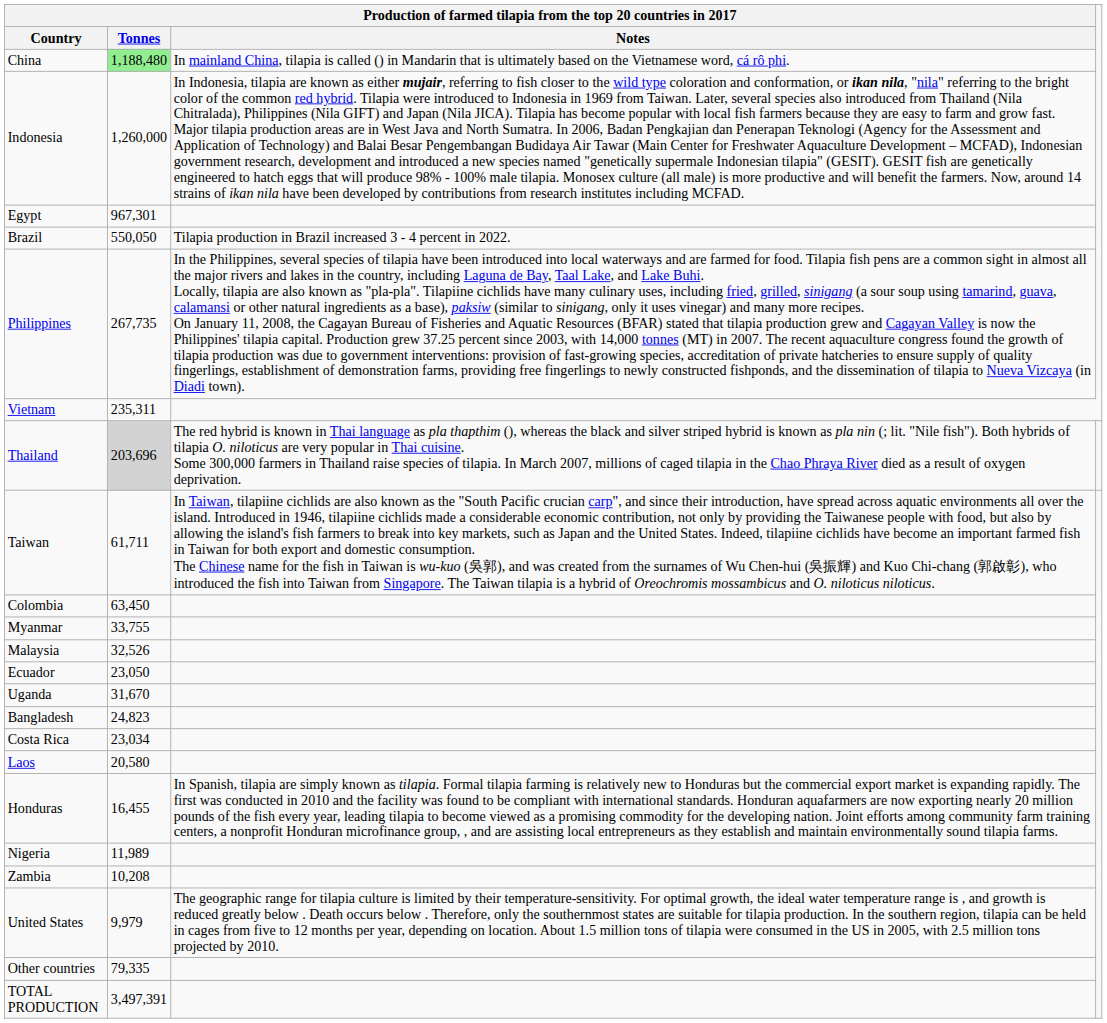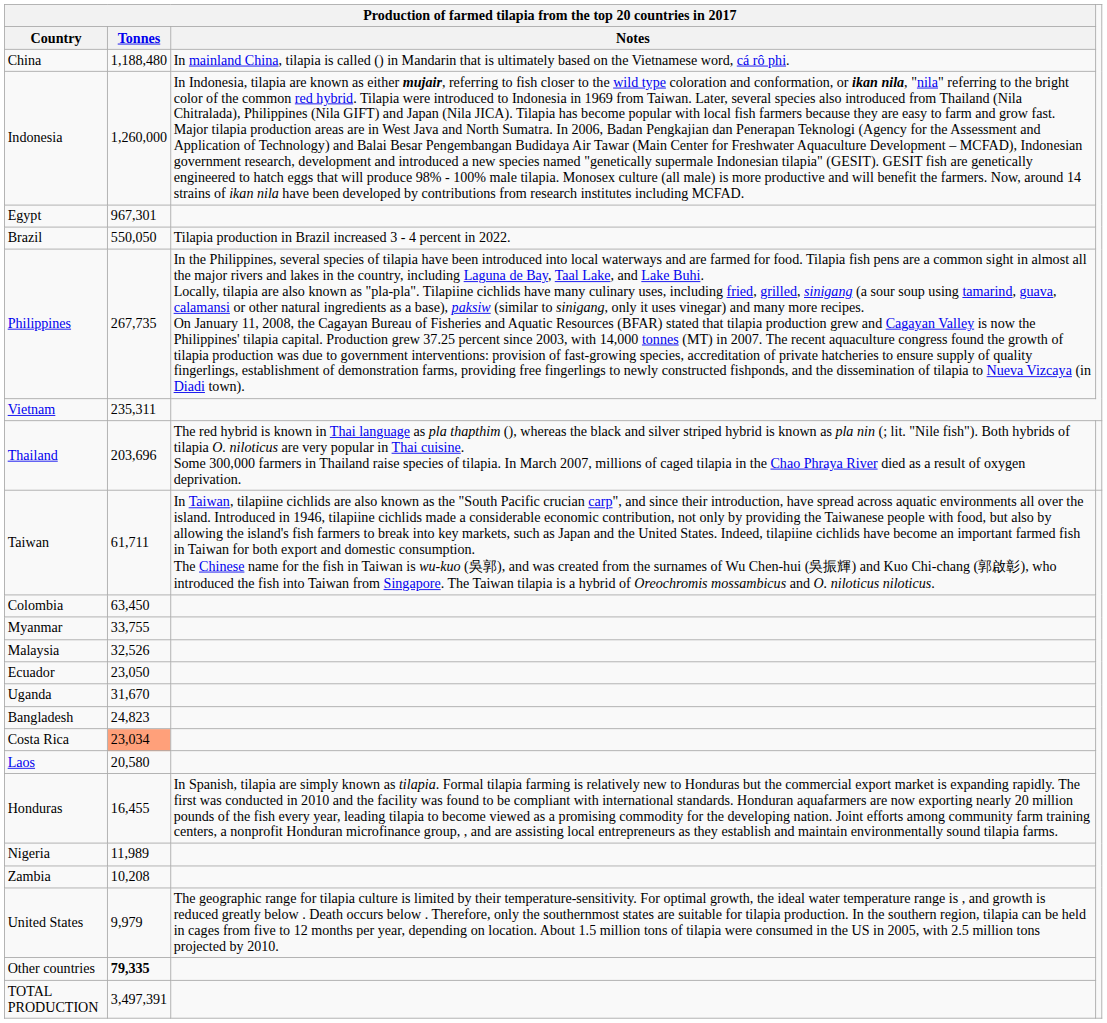 <table class="wikitable sortable">
 <tr>
 <th colspan=3>Production of farmed tilapia from the top 20 countries in 2017</th>
 </tr>
 <tr>
 <th>Country</th>
 <th><a href='#'>Tonnes</a></th>
 <th>Notes</th>
 </tr>
 <tr>
 <td>China</td>
-<td style="background: lightgreen;">1,188,480</td>
+<td>1,188,480</td>
 <td>In <a href='#'>mainland China</a>, tilapia is called () in Mandarin that is ultimately based on the Vietnamese word, <a href='#'>cá rô phi</a>.</td>
 </tr>
 <tr>
 <td>Indonesia</td>
 <td>1,260,000</td>
 <td>In Indonesia, tilapia are known as either <strong><em>mujair</em></strong>, referring to fish closer to the <a href='#'>wild type</a> coloration and conformation, or <strong><em>ikan nila</em></strong>, "<a href='#'>nila</a>" referring to the bright color of the common <a href='#'>red hybrid</a>. Tilapia were introduced to Indonesia in 1969 from Taiwan. Later, several species also introduced from Thailand (Nila Chitralada), Philippines (Nila GIFT) and Japan (Nila JICA). Tilapia has become popular with local fish farmers because they are easy to farm and grow fast. Major tilapia production areas are in West Java and North Sumatra. In 2006, Badan Pengkajian dan Penerapan Teknologi (Agency for the Assessment and Application of Technology) and Balai Besar Pengembangan Budidaya Air Tawar (Main Center for Freshwater Aquaculture Development – MCFAD), Indonesian government research, development and introduced a new species named "genetically supermale Indonesian tilapia" (GESIT). GESIT fish are genetically engineered to hatch eggs that will produce 98% - 100% male tilapia. Monosex culture (all male) is more productive and will benefit the farmers. Now, around 14 strains of <em>ikan nila</em> have been developed by contributions from research institutes including MCFAD.</td>
 </tr>
 <tr>
 <td>Egypt</td>
 <td>967,301</td>
 <td></td>
 </tr>
 <tr>
 <td>Brazil</td>
 <td>550,050</td>
 <td>Tilapia production in Brazil increased 3 - 4 percent in 2022.</td>
 </tr>
 <tr>
 <td><a href='#'>Philippines</a></td>
 <td>267,735</td>
 <td>In the Philippines, several species of tilapia have been introduced into local waterways and are farmed for food. Tilapia fish pens are a common sight in almost all the major rivers and lakes in the country, including <a href='#'>Laguna de Bay</a>, <a href='#'>Taal Lake</a>, and <a href='#'>Lake Buhi</a>.<br>Locally, tilapia are also known as "pla-pla". Tilapiine cichlids have many culinary uses, including <a href='#'>fried</a>, <a href='#'>grilled</a>, <em><a href='#'>sinigang</a></em> (a sour soup using <a href='#'>tamarind</a>, <a href='#'>guava</a>, <a href='#'>calamansi</a> or other natural ingredients as a base), <em><a href='#'>paksiw</a></em> (similar to <em>sinigang</em>, only it uses vinegar) and many more recipes.<br>On January 11, 2008, the Cagayan Bureau of Fisheries and Aquatic Resources (BFAR) stated that tilapia production grew and <a href='#'>Cagayan Valley</a> is now the Philippines' tilapia capital. Production grew 37.25 percent since 2003, with 14,000 <a href='#'>tonnes</a> (MT) in 2007. The recent aquaculture congress found the growth of tilapia production was due to government interventions: provision of fast-growing species, accreditation of private hatcheries to ensure supply of quality fingerlings, establishment of demonstration farms, providing free fingerlings to newly constructed fishponds, and the dissemination of tilapia to <a href='#'>Nueva Vizcaya</a> (in <a href='#'>Diadi</a> town).</td>
 </tr>
 <tr>
 <td><a href='#'>Vietnam</a></td>
 <td>235,311</td>
 </tr>
 <tr>
 <td><a href='#'>Thailand</a></td>
-<td style="background: lightgrey;">203,696 </td>
+<td>203,696 </td>
 <td>The red hybrid is known in <a href='#'>Thai language</a> as  <em>pla thapthim</em> (), whereas the black and silver striped hybrid is known as <em>pla nin</em> (; lit. "Nile fish"). Both hybrids of tilapia <em>O. niloticus</em> are very popular in <a href='#'>Thai cuisine</a>.<br>Some 300,000 farmers in Thailand raise species of tilapia. In March 2007, millions of caged tilapia in the <a href='#'>Chao Phraya River</a> died as a result of oxygen deprivation.</td>
 <td></td>
 </tr>
 <tr>
 <td>Taiwan</td>
 <td>61,711</td>
 <td>In <a href='#'>Taiwan</a>, tilapiine cichlids are also known as the "South Pacific crucian <a href='#'>carp</a>", and since their introduction, have spread across aquatic environments all over the island. Introduced in 1946, tilapiine cichlids made a considerable economic contribution, not only by providing the Taiwanese people with food, but also by allowing the island's fish farmers to break into key markets, such as Japan and the United States. Indeed, tilapiine cichlids have become an important farmed fish in Taiwan for both export and domestic consumption.<br>The <a href='#'>Chinese</a> name for the fish in Taiwan is <em>wu-kuo</em> (吳郭), and was created from the surnames of Wu Chen-hui (吳振輝) and Kuo Chi-chang (郭啟彰), who introduced the fish into Taiwan from <a href='#'>Singapore</a>. The Taiwan tilapia is a hybrid of <em>Oreochromis mossambicus</em> and <em>O. niloticus niloticus</em>.</td>
 </tr>
 <tr>
 <td>Colombia</td>
 <td>63,450</td>
 <td></td>
 </tr>
 <tr>
 <td>Myanmar</td>
 <td>33,755</td>
 <td></td>
 </tr>
 <tr>
 <td>Malaysia</td>
 <td>32,526</td>
 <td></td>
 </tr>
 <tr>
 <td>Ecuador</td>
 <td>23,050</td>
 <td></td>
 </tr>
 <tr>
 <td>Uganda</td>
 <td>31,670</td>
 <td></td>
 </tr>
 <tr>
 <td>Bangladesh</td>
 <td>24,823</td>
 <td></td>
 </tr>
 <tr>
 <td>Costa Rica</td>
-<td>23,034</td>
+<td style="background: lightsalmon;">23,034</td>
 <td></td>
 </tr>
 <tr>
 <td><a href='#'>Laos</a></td>
 <td>20,580</td>
 <td></td>
 </tr>
 <tr>
 <td>Honduras</td>
 <td>16,455</td>
 <td>In Spanish, tilapia are simply known as <em>tilapia</em>. Formal tilapia farming is relatively new to Honduras but the commercial export market is expanding rapidly. The first  was conducted in 2010 and the facility was found to be compliant with international standards. Honduran aquafarmers are now exporting nearly 20 million pounds of the fish every year, leading tilapia to become viewed as a promising commodity for the developing nation. Joint efforts among community farm training centers, a nonprofit Honduran microfinance group, , and  are assisting local entrepreneurs as they establish and maintain environmentally sound tilapia farms.</td>
 </tr>
 <tr>
 <td>Nigeria</td>
 <td>11,989</td>
 <td></td>
 </tr>
 <tr>
 <td>Zambia</td>
 <td>10,208</td>
 <td></td>
 </tr>
 <tr>
 <td>United States</td>
 <td>9,979</td>
 <td>The geographic range for tilapia culture is limited by their temperature-sensitivity. For optimal growth, the ideal water temperature range is , and growth is reduced greatly below . Death occurs below . Therefore, only the southernmost states are suitable for tilapia production. In the southern region, tilapia can be held in cages from five to 12 months per year, depending on location.  About 1.5 million tons of tilapia were consumed in the US in 2005, with 2.5 million tons projected by 2010.</td>
 </tr>
 <tr>
 <td>Other countries</td>
-<td>79,335</td>
+<td><strong>79,335</strong></td>
 <td></td>
 </tr>
 <tr>
 <td>TOTAL PRODUCTION</td>
 <td>3,497,391</td>
 <td></td>
 </tr>
 </table>
